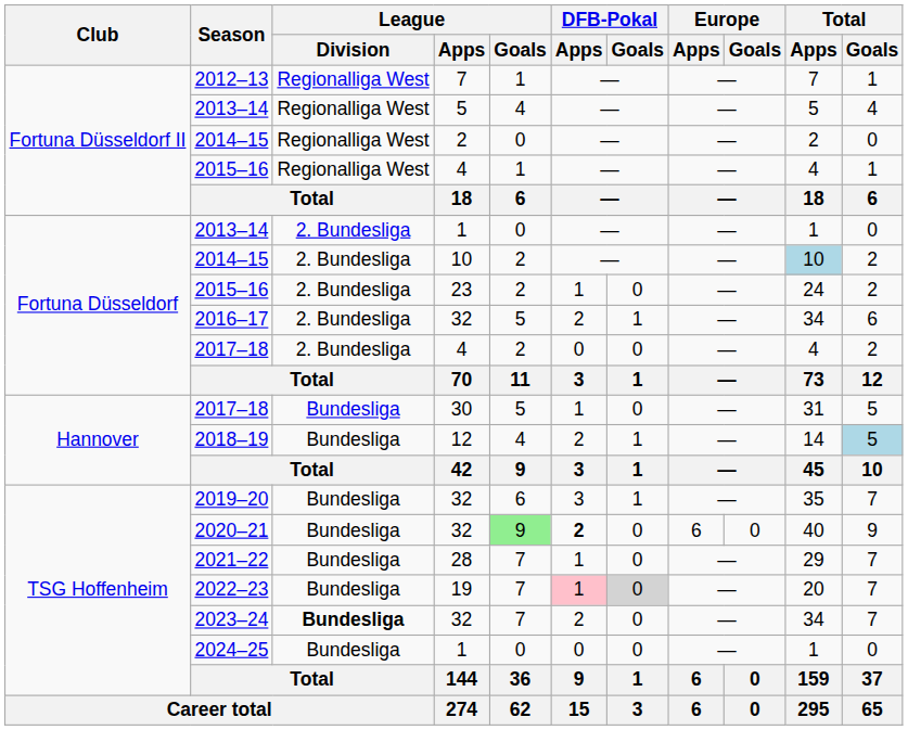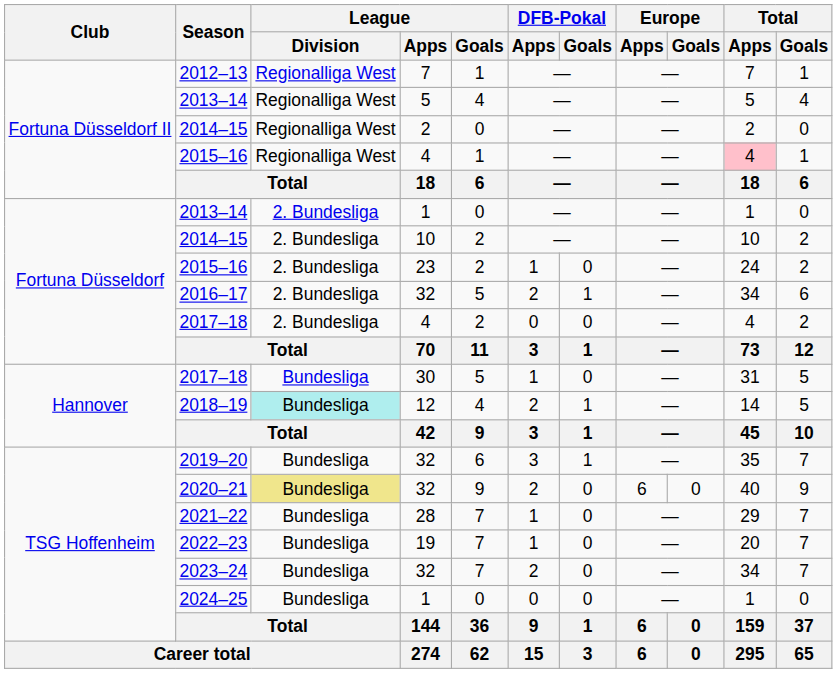 <table class="wikitable" style="text-align:center">
 <tr>
 <th rowspan="2">Club</th>
 <th rowspan="2">Season</th>
 <th colspan="3">League</th>
 <th colspan="2"><a href='#'>DFB-Pokal</a></th>
 <th colspan="2">Europe</th>
 <th colspan="2">Total</th>
 </tr>
 <tr>
 <th>Division</th>
 <th>Apps</th>
 <th>Goals</th>
 <th>Apps</th>
 <th>Goals</th>
 <th>Apps</th>
 <th>Goals</th>
 <th>Apps</th>
 <th>Goals</th>
 </tr>
 <tr>
 <td rowspan="5"><a href='#'>Fortuna Düsseldorf II</a></td>
 <td><a href='#'>2012–13</a></td>
 <td><a href='#'>Regionalliga West</a></td>
 <td>7</td>
 <td>1</td>
 <td colspan="2">—</td>
 <td colspan="2">—</td>
 <td>7</td>
 <td>1</td>
 </tr>
 <tr>
 <td><a href='#'>2013–14</a></td>
 <td>Regionalliga West</td>
 <td>5</td>
 <td>4</td>
 <td colspan="2">—</td>
 <td colspan="2">—</td>
 <td>5</td>
 <td>4</td>
 </tr>
 <tr>
 <td><a href='#'>2014–15</a></td>
 <td>Regionalliga West</td>
 <td>2</td>
 <td>0</td>
 <td colspan="2">—</td>
 <td colspan="2">—</td>
 <td>2</td>
 <td>0</td>
 </tr>
 <tr>
 <td><a href='#'>2015–16</a></td>
 <td>Regionalliga West</td>
 <td>4</td>
 <td>1</td>
 <td colspan="2">—</td>
 <td colspan="2">—</td>
-<td>4</td>
+<td style="background: pink;">4</td>
 <td>1</td>
 </tr>
 <tr>
 <th colspan="2">Total</th>
 <th>18</th>
 <th>6</th>
 <th colspan="2">—</th>
 <th colspan="2">—</th>
 <th>18</th>
 <th>6</th>
 </tr>
 <tr>
 <td rowspan="6"><a href='#'>Fortuna Düsseldorf</a></td>
 <td><a href='#'>2013–14</a></td>
 <td><a href='#'>2. Bundesliga</a></td>
 <td>1</td>
 <td>0</td>
 <td colspan="2">—</td>
 <td colspan="2">—</td>
 <td>1</td>
 <td>0</td>
 </tr>
 <tr>
 <td><a href='#'>2014–15</a></td>
 <td>2. Bundesliga</td>
 <td>10</td>
 <td>2</td>
 <td colspan="2">—</td>
 <td colspan="2">—</td>
-<td style="background: lightblue;">10</td>
+<td>10</td>
 <td>2</td>
 </tr>
 <tr>
 <td><a href='#'>2015–16</a></td>
 <td>2. Bundesliga</td>
 <td>23</td>
 <td>2</td>
 <td>1</td>
 <td>0</td>
 <td colspan="2">—</td>
 <td>24</td>
 <td>2</td>
 </tr>
 <tr>
 <td><a href='#'>2016–17</a></td>
 <td>2. Bundesliga</td>
 <td>32</td>
 <td>5</td>
 <td>2</td>
 <td>1</td>
 <td colspan="2">—</td>
 <td>34</td>
 <td>6</td>
 </tr>
 <tr>
 <td><a href='#'>2017–18</a></td>
 <td>2. Bundesliga</td>
 <td>4</td>
 <td>2</td>
 <td>0</td>
 <td>0</td>
 <td colspan="2">—</td>
 <td>4</td>
 <td>2</td>
 </tr>
 <tr>
 <th colspan="2">Total</th>
 <th>70</th>
 <th>11</th>
 <th>3</th>
 <th>1</th>
 <th colspan="2">—</th>
 <th>73</th>
 <th>12</th>
 </tr>
 <tr>
 <td rowspan="3"><a href='#'>Hannover</a></td>
 <td><a href='#'>2017–18</a></td>
 <td><a href='#'>Bundesliga</a></td>
 <td>30</td>
 <td>5</td>
 <td>1</td>
 <td>0</td>
 <td colspan="2">—</td>
 <td>31</td>
 <td>5</td>
 </tr>
 <tr>
 <td><a href='#'>2018–19</a></td>
-<td>Bundesliga</td>
+<td style="background: paleturquoise;">Bundesliga</td>
 <td>12</td>
 <td>4</td>
 <td>2</td>
 <td>1</td>
 <td colspan="2">—</td>
 <td>14</td>
-<td style="background: lightblue;">5</td>
+<td>5</td>
 </tr>
 <tr>
 <th colspan="2">Total</th>
 <th>42</th>
 <th>9</th>
 <th>3</th>
 <th>1</th>
 <th colspan="2">—</th>
 <th>45</th>
 <th>10</th>
 </tr>
 <tr>
 <td rowspan="7"><a href='#'>TSG Hoffenheim</a></td>
 <td><a href='#'>2019–20</a></td>
 <td>Bundesliga</td>
 <td>32</td>
 <td>6</td>
 <td>3</td>
 <td>1</td>
 <td colspan="2">—</td>
 <td>35</td>
 <td>7</td>
 </tr>
 <tr>
 <td><a href='#'>2020–21</a></td>
-<td>Bundesliga</td>
+<td style="background: khaki;">Bundesliga</td>
 <td>32</td>
-<td style="background: lightgreen;">9</td>
-<td><strong>2</strong></td>
+<td>9</td>
+<td>2</td>
 <td>0</td>
 <td>6</td>
 <td>0</td>
 <td>40</td>
 <td>9</td>
 </tr>
 <tr>
 <td><a href='#'>2021–22</a></td>
 <td>Bundesliga</td>
 <td>28</td>
 <td>7</td>
 <td>1</td>
 <td>0</td>
 <td colspan="2">—</td>
 <td>29</td>
 <td>7</td>
 </tr>
 <tr>
 <td><a href='#'>2022–23</a></td>
 <td>Bundesliga</td>
 <td>19</td>
 <td>7</td>
-<td style="background: pink;">1</td>
-<td style="background: lightgrey;">0</td>
+<td>1</td>
+<td>0</td>
 <td colspan="2">—</td>
 <td>20</td>
 <td>7</td>
 </tr>
 <tr>
 <td><a href='#'>2023–24</a></td>
-<td><strong>Bundesliga</strong></td>
+<td>Bundesliga</td>
 <td>32</td>
 <td>7</td>
 <td>2</td>
 <td>0</td>
 <td colspan="2">—</td>
 <td>34</td>
 <td>7</td>
 </tr>
 <tr>
 <td><a href='#'>2024–25</a></td>
 <td>Bundesliga</td>
 <td>1</td>
 <td>0</td>
 <td>0</td>
 <td>0</td>
 <td colspan="2">—</td>
 <td>1</td>
 <td>0</td>
 </tr>
 <tr>
 <th colspan="2">Total</th>
 <th>144</th>
 <th>36</th>
 <th>9</th>
 <th>1</th>
 <th>6</th>
 <th>0</th>
 <th>159</th>
 <th>37</th>
 </tr>
 <tr>
 <th colspan="3">Career total</th>
 <th>274</th>
 <th>62</th>
 <th>15</th>
 <th>3</th>
 <th>6</th>
 <th>0</th>
 <th>295</th>
 <th>65</th>
 </tr>
 </table>
